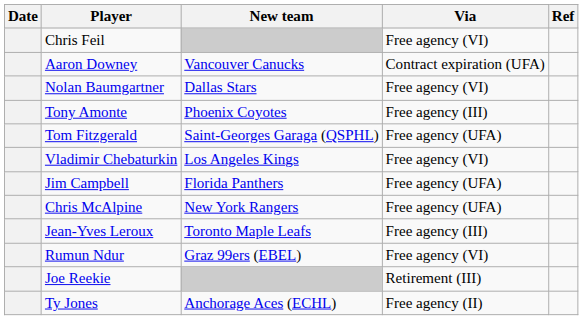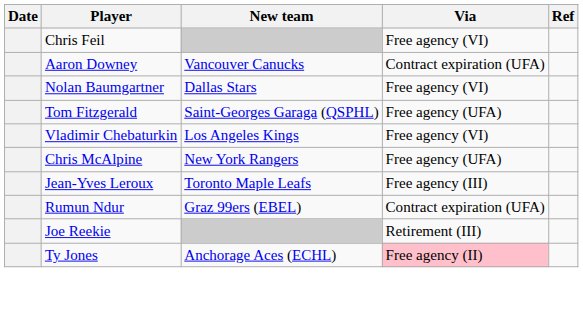 <table class="wikitable plainrowheaders">
 <tr style="background:#ddd; text-align:center;">
 <th>Date</th>
 <th>Player</th>
 <th>New team</th>
 <th>Via</th>
 <th>Ref</th>
 </tr>
 <tr>
 <th scope="row"></th>
 <td>Chris Feil</td>
 <td style="background:#ccc"></td>
 <td>Free agency (VI)</td>
 <td></td>
 </tr>
 <tr>
 <th scope="row"></th>
 <td><a href='#'>Aaron Downey</a></td>
 <td><a href='#'>Vancouver Canucks</a></td>
 <td>Contract expiration (UFA)</td>
 <td></td>
 </tr>
 <tr>
 <th scope="row"></th>
 <td><a href='#'>Nolan Baumgartner</a></td>
 <td><a href='#'>Dallas Stars</a></td>
 <td>Free agency (VI)</td>
 <td></td>
 </tr>
 <tr>
 <th scope="row"></th>
-<td><a href='#'>Tony Amonte</a></td>
-<td><a href='#'>Phoenix Coyotes</a></td>
-<td>Free agency (III)</td>
-<td></td>
-</tr>
-<tr>
-<th scope="row"></th>
 <td><a href='#'>Tom Fitzgerald</a></td>
 <td><a href='#'>Saint-Georges Garaga</a> (<a href='#'>QSPHL</a>)</td>
 <td>Free agency (UFA)</td>
 <td></td>
 </tr>
 <tr>
 <th scope="row"></th>
 <td><a href='#'>Vladimir Chebaturkin</a></td>
 <td><a href='#'>Los Angeles Kings</a></td>
 <td>Free agency (VI)</td>
-<td></td>
-</tr>
-<tr>
-<th scope="row"></th>
-<td><a href='#'>Jim Campbell</a></td>
-<td><a href='#'>Florida Panthers</a></td>
-<td>Free agency (UFA)</td>
 <td></td>
 </tr>
 <tr>
 <th scope="row"></th>
 <td><a href='#'>Chris McAlpine</a></td>
 <td><a href='#'>New York Rangers</a></td>
 <td>Free agency (UFA)</td>
 <td></td>
 </tr>
 <tr>
 <th scope="row"></th>
 <td><a href='#'>Jean-Yves Leroux</a></td>
 <td><a href='#'>Toronto Maple Leafs</a></td>
 <td>Free agency (III)</td>
 <td></td>
 </tr>
 <tr>
 <th scope="row"></th>
 <td><a href='#'>Rumun Ndur</a></td>
 <td><a href='#'>Graz 99ers</a> (<a href='#'>EBEL</a>)</td>
-<td>Free agency (VI)</td>
+<td>Contract expiration (UFA)</td>
 <td></td>
 </tr>
 <tr>
 <th scope="row"></th>
 <td><a href='#'>Joe Reekie</a></td>
 <td style="background:#ccc"></td>
 <td>Retirement (III)</td>
 <td></td>
 </tr>
 <tr>
 <th scope="row"></th>
 <td><a href='#'>Ty Jones</a></td>
 <td><a href='#'>Anchorage Aces</a> (<a href='#'>ECHL</a>)</td>
-<td>Free agency (II)</td>
+<td style="background: pink;">Free agency (II)</td>
 <td></td>
 </tr>
 </table>
